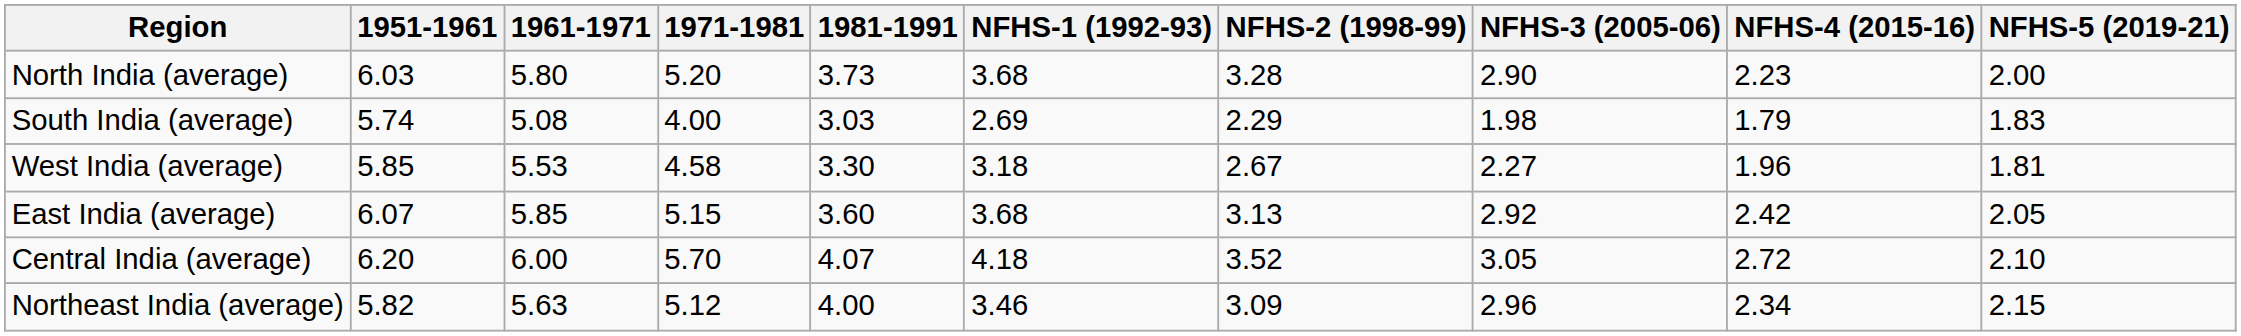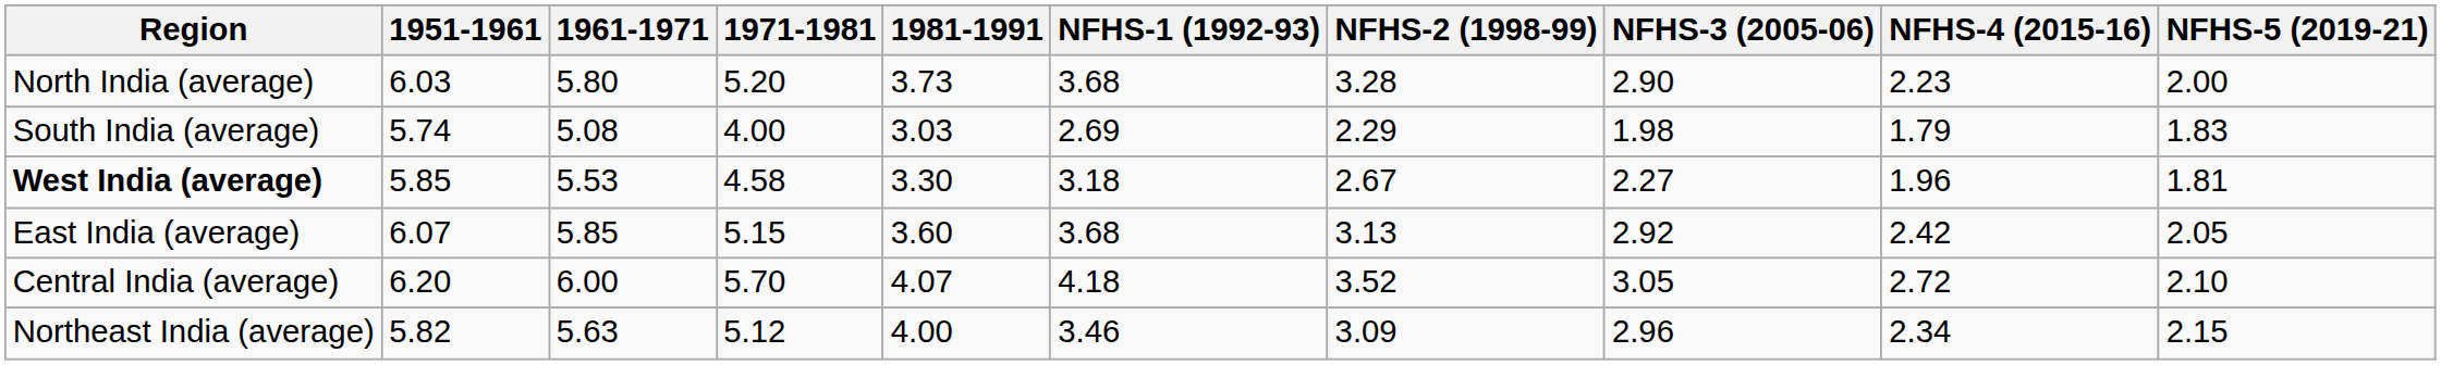 <table class="wikitable sortable">
 <tr>
 <th>Region</th>
 <th>1951-1961</th>
 <th>1961-1971</th>
 <th>1971-1981</th>
 <th>1981-1991</th>
 <th>NFHS-1 (1992-93)</th>
 <th>NFHS-2 (1998-99)</th>
 <th>NFHS-3 (2005-06)</th>
 <th>NFHS-4 (2015-16)</th>
 <th>NFHS-5 (2019-21)</th>
 </tr>
 <tr>
 <td>North India (average)</td>
 <td>6.03 </td>
 <td>5.80 </td>
 <td>5.20 </td>
 <td>3.73 </td>
 <td>3.68 </td>
 <td>3.28 </td>
 <td>2.90 </td>
 <td>2.23 </td>
 <td>2.00 </td>
 </tr>
 <tr>
 <td>South India (average)</td>
 <td>5.74 </td>
 <td>5.08 </td>
 <td>4.00 </td>
 <td>3.03 </td>
 <td>2.69 </td>
 <td>2.29 </td>
 <td>1.98 </td>
 <td>1.79 </td>
 <td>1.83 </td>
 </tr>
 <tr>
-<td>West India (average)</td>
+<td><strong>West India (average)</strong></td>
 <td>5.85 </td>
 <td>5.53 </td>
 <td>4.58 </td>
 <td>3.30 </td>
 <td>3.18 </td>
 <td>2.67 </td>
 <td>2.27 </td>
 <td>1.96 </td>
 <td>1.81 </td>
 </tr>
 <tr>
 <td>East India (average)</td>
 <td>6.07 </td>
 <td>5.85 </td>
 <td>5.15 </td>
 <td>3.60 </td>
 <td>3.68 </td>
 <td>3.13 </td>
 <td>2.92 </td>
 <td>2.42 </td>
 <td>2.05 </td>
 </tr>
 <tr>
 <td>Central India (average)</td>
 <td>6.20 </td>
 <td>6.00 </td>
 <td>5.70 </td>
 <td>4.07 </td>
 <td>4.18 </td>
 <td>3.52 </td>
 <td>3.05 </td>
 <td>2.72 </td>
 <td>2.10 </td>
 </tr>
 <tr>
 <td>Northeast India (average)</td>
 <td>5.82 </td>
 <td>5.63 </td>
 <td>5.12 </td>
 <td>4.00 </td>
 <td>3.46 </td>
 <td>3.09 </td>
 <td>2.96 </td>
 <td>2.34 </td>
 <td>2.15 </td>
 </tr>
 </table>
